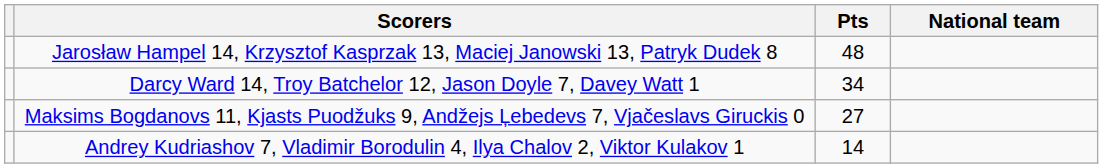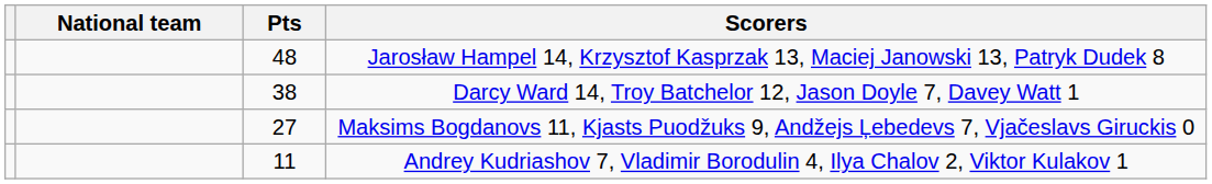 <table class=wikitable style="font-size: 95%">
 <tr>
 <th></th>
+<th width=150>National team</th>
+<th width=50>Pts</th>
 <th width=600>Scorers</th>
-<th width=50>Pts</th>
-<th width=150>National team</th>
 </tr>
 <tr align=center >
 <td></td>
+<td align=left></td>
+<td>48</td>
 <td><a href='#'>Jarosław Hampel</a> 14, <a href='#'>Krzysztof Kasprzak</a> 13, <a href='#'>Maciej Janowski</a> 13, <a href='#'>Patryk Dudek</a> 8</td>
-<td>48</td>
-<td align=left></td>
 </tr>
 <tr align=center>
 <td></td>
+<td align=left></td>
+<td>38</td>
 <td><a href='#'>Darcy Ward</a> 14, <a href='#'>Troy Batchelor</a> 12, <a href='#'>Jason Doyle</a> 7, <a href='#'>Davey Watt</a> 1</td>
-<td>34</td>
-<td align=left></td>
 </tr>
 <tr align=center>
 <td></td>
+<td align=left></td>
+<td>27</td>
 <td><a href='#'>Maksims Bogdanovs</a> 11, <a href='#'>Kjasts Puodžuks</a> 9, <a href='#'>Andžejs Ļebedevs</a> 7, <a href='#'>Vjačeslavs Giruckis</a> 0</td>
-<td>27</td>
-<td align=left></td>
 </tr>
 <tr align=center>
 <td></td>
+<td align=left></td>
+<td>11</td>
 <td><a href='#'>Andrey Kudriashov</a> 7, <a href='#'>Vladimir Borodulin</a> 4, <a href='#'>Ilya Chalov</a> 2, <a href='#'>Viktor Kulakov</a> 1</td>
-<td>14</td>
-<td align=left></td>
 </tr>
 </table>
